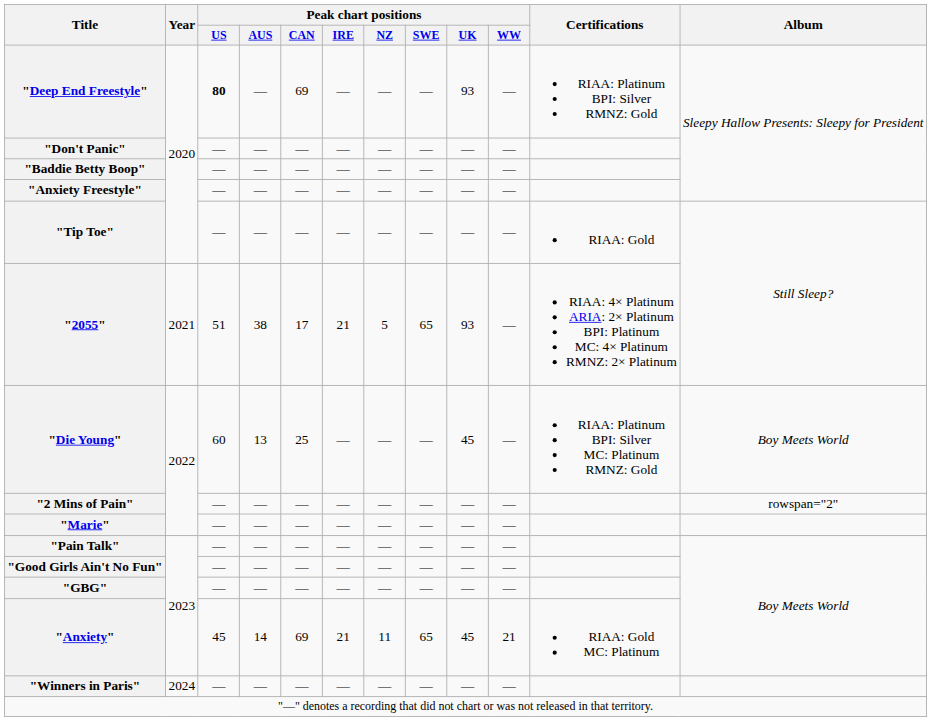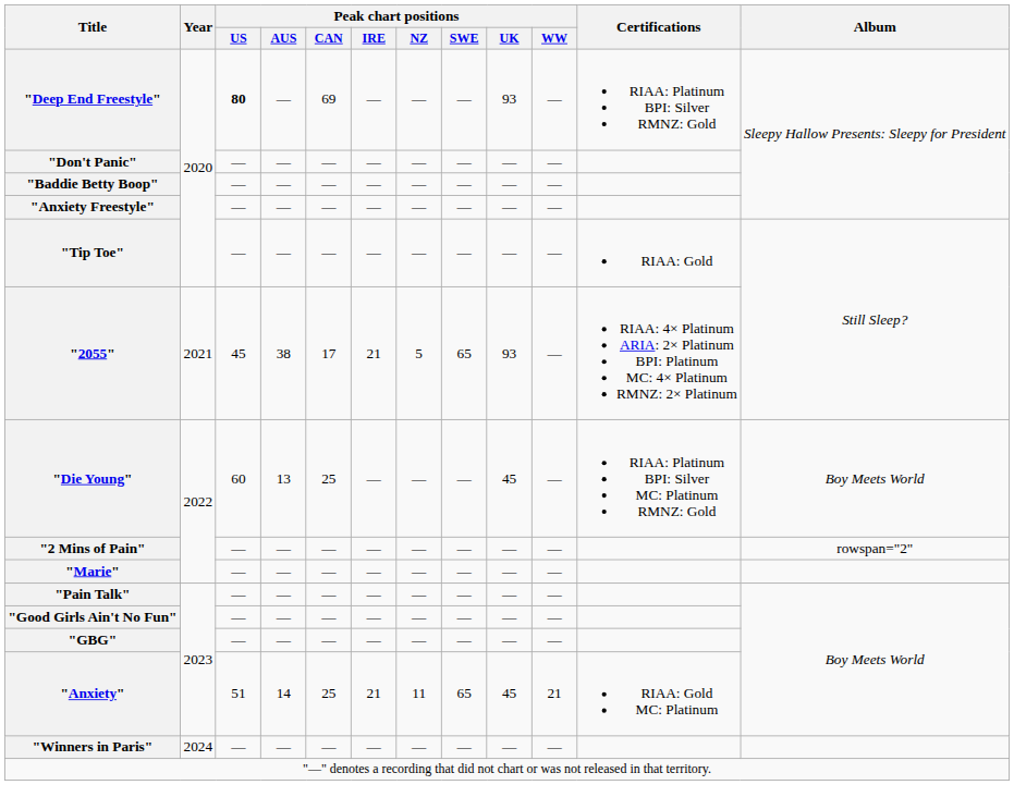 <table class="wikitable plainrowheaders" style="text-align:center;">
 <tr>
 <th scope="col" rowspan="2">Title</th>
 <th scope="col" rowspan="2">Year</th>
 <th scope="col" colspan="8">Peak chart positions</th>
 <th scope-"col" rowspan="2">Certifications</th>
 <th scope="col" rowspan="2">Album</th>
 </tr>
 <tr>
 <th scope="col" style="width:3em;font-size:90%;"><a href='#'>US</a><br></th>
 <th scope="col" style="width:3em;font-size:90%;"><a href='#'>AUS</a><br></th>
 <th scope="col" style="width:3em;font-size:90%;"><a href='#'>CAN</a><br></th>
 <th scope="col" style="width:3em;font-size:90%;"><a href='#'>IRE</a><br></th>
 <th scope="col" style="width:3em;font-size:90%;"><a href='#'>NZ</a><br></th>
 <th scope="col" style="width:3em;font-size:90%;"><a href='#'>SWE</a><br></th>
 <th scope="col" style="width:3em;font-size:90%;"><a href='#'>UK</a><br></th>
 <th scope="col" style="width:3em;font-size:90%;"><a href='#'>WW</a><br></th>
 </tr>
 <tr>
 <th scope="row">"<a href='#'>Deep End Freestyle</a>"<br></th>
 <td rowspan="5">2020</td>
 <td><strong>80</strong></td>
 <td>—</td>
 <td>69</td>
 <td>—</td>
 <td>—</td>
 <td>—</td>
 <td>93</td>
 <td>—</td>
 <td><br><ul><li>RIAA: Platinum</li><li>BPI: Silver</li><li>RMNZ: Gold</li></ul></td>
 <td rowspan="4"><em>Sleepy Hallow Presents: Sleepy for President</em></td>
 </tr>
 <tr>
 <th scope="row">"Don't Panic"</th>
 <td>—</td>
 <td>—</td>
 <td>—</td>
 <td>—</td>
 <td>—</td>
 <td>—</td>
 <td>—</td>
 <td>—</td>
 <td></td>
 </tr>
 <tr>
 <th scope="row">"Baddie Betty Boop"</th>
 <td>—</td>
 <td>—</td>
 <td>—</td>
 <td>—</td>
 <td>—</td>
 <td>—</td>
 <td>—</td>
 <td>—</td>
 <td></td>
 </tr>
 <tr>
 <th scope="row">"Anxiety Freestyle"</th>
 <td>—</td>
 <td>—</td>
 <td>—</td>
 <td>—</td>
 <td>—</td>
 <td>—</td>
 <td>—</td>
 <td>—</td>
 <td></td>
 </tr>
 <tr>
 <th scope="row">"Tip Toe"<br></th>
 <td>—</td>
 <td>—</td>
 <td>—</td>
 <td>—</td>
 <td>—</td>
 <td>—</td>
 <td>—</td>
 <td>—</td>
 <td><br><ul><li>RIAA: Gold</li></ul></td>
 <td rowspan="2"><em>Still Sleep?</em></td>
 </tr>
 <tr>
 <th scope="row">"<a href='#'>2055</a>"<br></th>
 <td>2021</td>
-<td>51</td>
+<td>45</td>
 <td>38</td>
 <td>17</td>
 <td>21</td>
 <td>5<br></td>
 <td>65</td>
 <td>93</td>
 <td>—</td>
 <td><br><ul><li>RIAA: 4× Platinum</li><li><a href='#'>ARIA</a>: 2× Platinum</li><li>BPI: Platinum</li><li>MC: 4× Platinum</li><li>RMNZ: 2× Platinum </li></ul></td>
 </tr>
 <tr>
 <th scope="row">"<a href='#'>Die Young</a>"<br></th>
 <td rowspan="3">2022</td>
 <td>60</td>
 <td>13</td>
 <td>25</td>
 <td>—</td>
 <td>—</td>
 <td>—</td>
 <td>45</td>
 <td>—</td>
 <td><br><ul><li>RIAA: Platinum</li><li>BPI: Silver</li><li>MC: Platinum</li><li>RMNZ: Gold</li></ul></td>
 <td><em>Boy Meets World</em></td>
 </tr>
 <tr>
 <th scope="row">"2 Mins of Pain"<br></th>
 <td>—</td>
 <td>—</td>
 <td>—</td>
 <td>—</td>
 <td>—</td>
 <td>—</td>
 <td>—</td>
 <td>—</td>
 <td></td>
 <td>rowspan="2" </td>
 </tr>
 <tr>
 <th scope="row">"<a href='#'>Marie</a>"</th>
 <td>—</td>
 <td>—</td>
 <td>—</td>
 <td>—</td>
 <td>—</td>
 <td>—</td>
 <td>—</td>
 <td>—</td>
 <td></td>
 </tr>
 <tr>
 <th scope="row">"Pain Talk"<br></th>
 <td rowspan="4">2023</td>
 <td>—</td>
 <td>—</td>
 <td>—</td>
 <td>—</td>
 <td>—</td>
 <td>—</td>
 <td>—</td>
 <td>—</td>
 <td></td>
 <td rowspan="4"><em>Boy Meets World</em></td>
 </tr>
 <tr>
 <th scope="row">"Good Girls Ain't No Fun"</th>
 <td>—</td>
 <td>—</td>
 <td>—</td>
 <td>—</td>
 <td>—</td>
 <td>—</td>
 <td>—</td>
 <td>—</td>
 <td></td>
 </tr>
 <tr>
 <th scope="row">"GBG"<br></th>
 <td>—</td>
 <td>—</td>
 <td>—</td>
 <td>—</td>
 <td>—</td>
 <td>—</td>
 <td>—</td>
 <td>—</td>
 <td></td>
 </tr>
 <tr>
 <th scope="row">"<a href='#'>Anxiety</a>"<br></th>
-<td>45</td>
+<td>51</td>
 <td>14</td>
-<td>69</td>
+<td>25</td>
 <td>21</td>
 <td>11</td>
 <td>65</td>
 <td>45</td>
 <td>21</td>
 <td><br><ul><li>RIAA: Gold</li><li>MC: Platinum</li></ul></td>
 </tr>
 <tr>
 <th scope="row">"Winners in Paris"</th>
 <td>2024</td>
 <td>—</td>
 <td>—</td>
 <td>—</td>
 <td>—</td>
 <td>—</td>
 <td>—</td>
 <td>—</td>
 <td>—</td>
 <td></td>
 <td></td>
 </tr>
 <tr>
 <td colspan="12" style="font-size:90%">"—" denotes a recording that did not chart or was not released in that territory.</td>
 </tr>
 </table>
